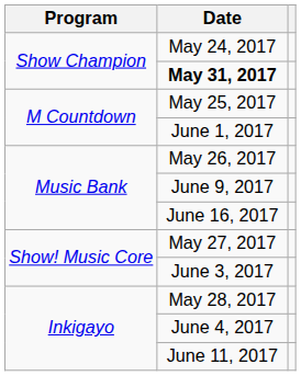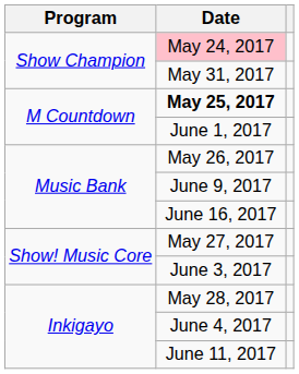 <table class="wikitable sortable" style="text-align:center">
 <tr>
 <th>Program</th>
 <th width="110">Date</th>
 <th class="unsortable"></th>
 </tr>
 <tr>
 <td rowspan="2"><em><a href='#'>Show Champion</a></em></td>
-<td>May 24, 2017</td>
+<td style="background: pink;">May 24, 2017</td>
 <td></td>
 </tr>
 <tr>
-<td><strong>May 31, 2017</strong></td>
+<td>May 31, 2017</td>
 <td></td>
 </tr>
 <tr>
 <td rowspan="2"><em><a href='#'>M Countdown</a></em></td>
-<td>May 25, 2017</td>
+<td><strong>May 25, 2017</strong></td>
 <td></td>
 </tr>
 <tr>
 <td>June 1, 2017</td>
 <td></td>
 </tr>
 <tr>
 <td rowspan="3"><em><a href='#'>Music Bank</a></em></td>
 <td>May 26, 2017</td>
 <td></td>
 </tr>
 <tr>
 <td>June 9, 2017</td>
 <td></td>
 </tr>
 <tr>
 <td>June 16, 2017</td>
 <td></td>
 </tr>
 <tr>
 <td rowspan="2"><em><a href='#'>Show! Music Core</a></em></td>
 <td>May 27, 2017</td>
 <td></td>
 </tr>
 <tr>
 <td>June 3, 2017</td>
 <td></td>
 </tr>
 <tr>
 <td rowspan="3"><em><a href='#'>Inkigayo</a></em></td>
 <td>May 28, 2017</td>
 <td></td>
 </tr>
 <tr>
 <td>June 4, 2017</td>
 <td></td>
 </tr>
 <tr>
 <td>June 11, 2017</td>
 <td></td>
 </tr>
 </table>
